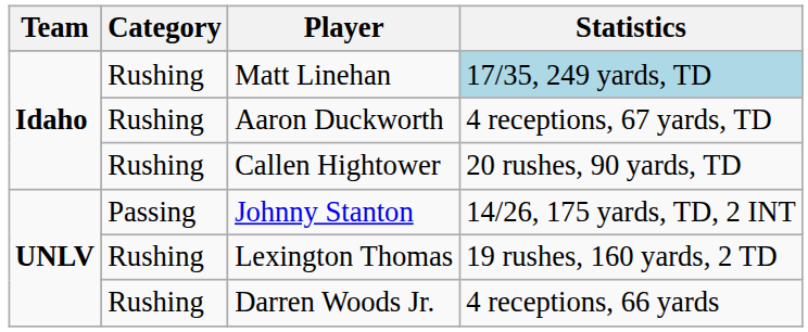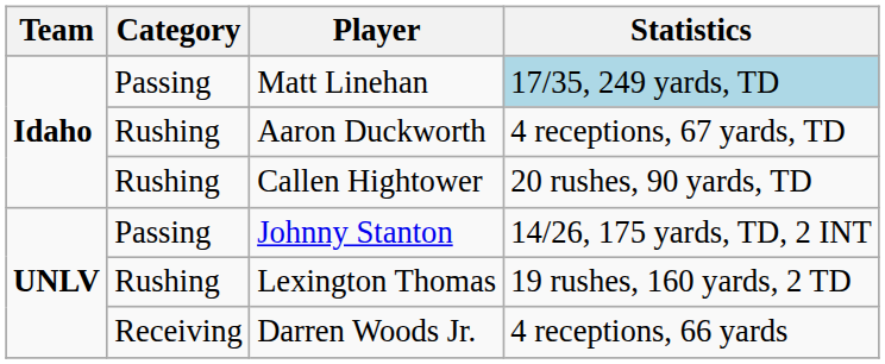 <table class="wikitable" style="float: right;">
 <tr>
 <th>Team</th>
 <th>Category</th>
 <th>Player</th>
 <th>Statistics</th>
 </tr>
 <tr>
 <td rowspan=3><strong>Idaho</strong></td>
-<td>Rushing</td>
+<td>Passing</td>
 <td>Matt Linehan</td>
 <td style="background: lightblue;">17/35, 249 yards, TD</td>
 </tr>
 <tr>
 <td>Rushing</td>
 <td>Aaron Duckworth</td>
 <td>4 receptions, 67 yards, TD</td>
 </tr>
 <tr>
 <td>Rushing</td>
 <td>Callen Hightower</td>
 <td>20 rushes, 90 yards, TD</td>
 </tr>
 <tr>
 <td rowspan=3><strong>UNLV</strong></td>
 <td>Passing</td>
 <td><a href='#'>Johnny Stanton</a></td>
 <td>14/26, 175 yards, TD, 2 INT</td>
 </tr>
 <tr>
 <td>Rushing</td>
 <td>Lexington Thomas</td>
 <td>19 rushes, 160 yards, 2 TD</td>
 </tr>
 <tr>
-<td>Rushing</td>
+<td>Receiving</td>
 <td>Darren Woods Jr.</td>
 <td>4 receptions, 66 yards</td>
 </tr>
 </table>
